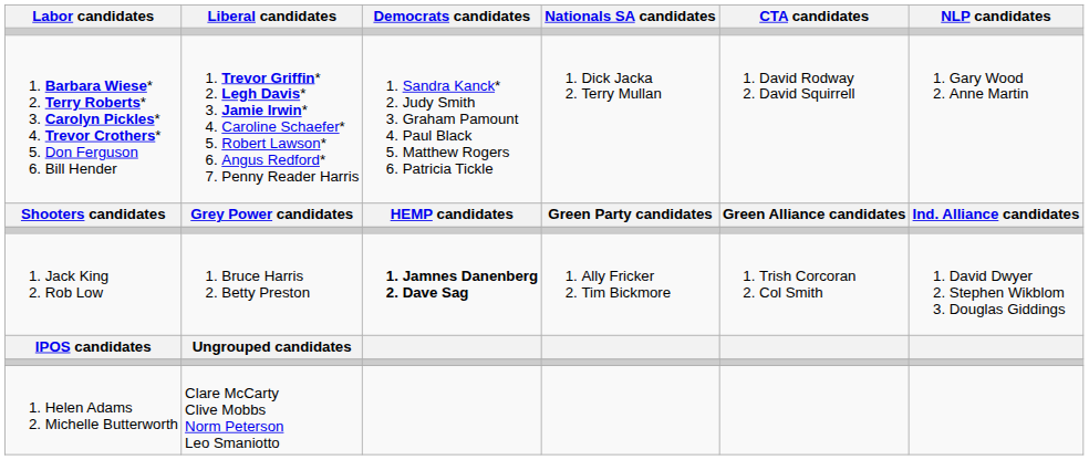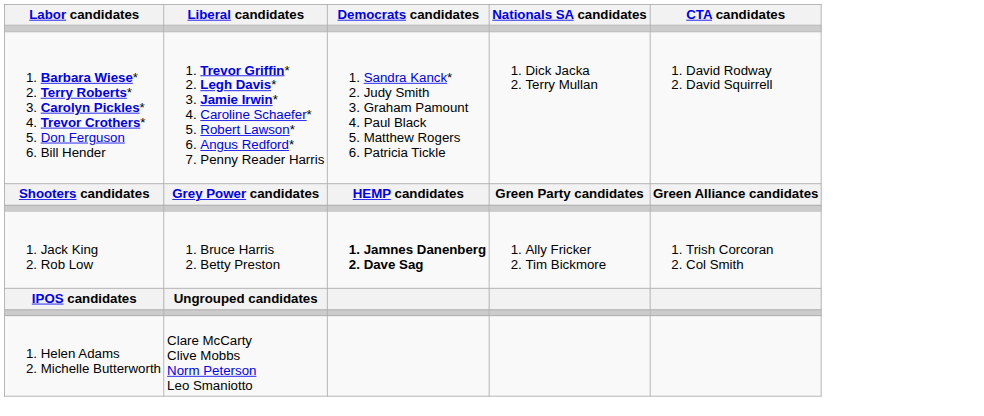 <table class="wikitable">
 <tr>
 <th><a href='#'>Labor</a> candidates</th>
 <th><a href='#'>Liberal</a> candidates</th>
 <th><a href='#'>Democrats</a> candidates</th>
 <th><a href='#'>Nationals SA</a> candidates</th>
 <th><a href='#'>CTA</a> candidates</th>
-<th><a href='#'>NLP</a> candidates</th>
 </tr>
 <tr bgcolor="#cccccc">
-<td></td>
 <td></td>
 <td></td>
 <td></td>
 <td></td>
 <td></td>
 </tr>
 <tr>
 <td><br><ol><li><strong><a href='#'>Barbara Wiese</a></strong>*</li><li><strong><a href='#'>Terry Roberts</a></strong>*</li><li><strong><a href='#'>Carolyn Pickles</a></strong>*</li><li><strong><a href='#'>Trevor Crothers</a></strong>*</li><li><a href='#'>Don Ferguson</a></li><li>Bill Hender</li></ol></td>
 <td><br><ol><li><strong><a href='#'>Trevor Griffin</a></strong>*</li><li><strong><a href='#'>Legh Davis</a></strong>*</li><li><strong><a href='#'>Jamie Irwin</a></strong>*</li><li><a href='#'>Caroline Schaefer</a>*</li><li><a href='#'>Robert Lawson</a>*</li><li><a href='#'>Angus Redford</a>*</li><li>Penny Reader Harris</li></ol></td>
 <td><br><ol><li><a href='#'>Sandra Kanck</a>*</li><li>Judy Smith</li><li>Graham Pamount</li><li>Paul Black</li><li>Matthew Rogers</li><li>Patricia Tickle</li></ol></td>
 <td valign=top><br><ol><li>Dick Jacka</li><li>Terry Mullan</li></ol></td>
 <td valign=top><br><ol><li>David Rodway</li><li>David Squirrell</li></ol></td>
-<td valign=top><br><ol><li>Gary Wood</li><li>Anne Martin</li></ol></td>
 </tr>
 <tr bgcolor="#cccccc">
 <th><a href='#'>Shooters</a> candidates</th>
 <th><a href='#'>Grey Power</a> candidates</th>
 <th><a href='#'>HEMP</a> candidates</th>
 <th>Green Party candidates</th>
 <th>Green Alliance candidates</th>
-<th><a href='#'>Ind. Alliance</a> candidates</th>
 </tr>
 <tr bgcolor="#cccccc">
-<td></td>
 <td></td>
 <td></td>
 <td></td>
 <td></td>
 <td></td>
 </tr>
 <tr>
 <td valign=top><br><ol><li>Jack King</li><li>Rob Low</li></ol></td>
 <td valign=top><br><ol><li>Bruce Harris</li><li>Betty Preston</li></ol></td>
 <td valign=top><strong><br><ol><li>Jamnes Danenberg</li><li>Dave Sag</li></ol></strong></td>
 <td valign=top><br><ol><li>Ally Fricker</li><li>Tim Bickmore</li></ol></td>
 <td valign=top><br><ol><li>Trish Corcoran</li><li>Col Smith</li></ol></td>
-<td valign=top><br><ol><li>David Dwyer</li><li>Stephen Wikblom</li><li>Douglas Giddings</li></ol></td>
 </tr>
 <tr bgcolor="#cccccc">
 <th><a href='#'>IPOS</a> candidates</th>
 <th>Ungrouped candidates</th>
 <th></th>
 <th></th>
 <th></th>
-<th></th>
 </tr>
 <tr bgcolor="#cccccc">
-<td></td>
 <td></td>
 <td></td>
 <td></td>
 <td></td>
 <td></td>
 </tr>
 <tr>
 <td valign=top><br><ol><li>Helen Adams</li><li>Michelle Butterworth</li></ol></td>
 <td valign=top><br>Clare McCarty <br> Clive Mobbs <br> <a href='#'>Norm Peterson</a> <br>  Leo Smaniotto</td>
 <td valign=top></td>
 <td valign=top></td>
 <td valign=top></td>
-<td valign=top></td>
 </tr>
 </table>
